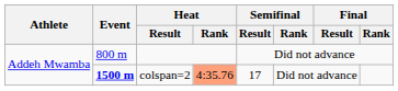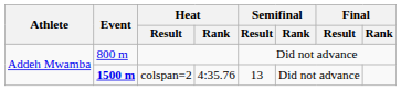 <table class="wikitable" style="font-size:90%">
 <tr>
 <th rowspan=2>Athlete</th>
 <th rowspan=2>Event</th>
 <th colspan=2>Heat</th>
 <th colspan=2>Semifinal</th>
 <th colspan=2>Final</th>
 </tr>
 <tr style="font-size:95%">
 <th>Result</th>
 <th>Rank</th>
 <th>Result</th>
 <th>Rank</th>
 <th>Result</th>
 <th>Rank</th>
 </tr>
 <tr align=center>
 <td align=left rowspan=2><a href='#'>Addeh Mwamba</a></td>
 <td align=left><a href='#'>800 m</a></td>
 <td colspan=2></td>
 <td colspan=4>Did not advance</td>
 </tr>
 <tr align=center>
 <td align=left><strong><a href='#'>1500 m</a></strong></td>
 <td>colspan=2 </td>
-<td style="background: lightsalmon;">4:35.76</td>
-<td>17</td>
+<td>4:35.76</td>
+<td>13</td>
 <td colspan=2>Did not advance</td>
 </tr>
 </table>
